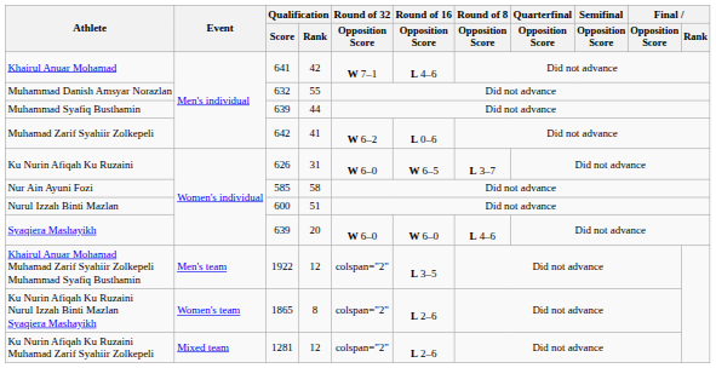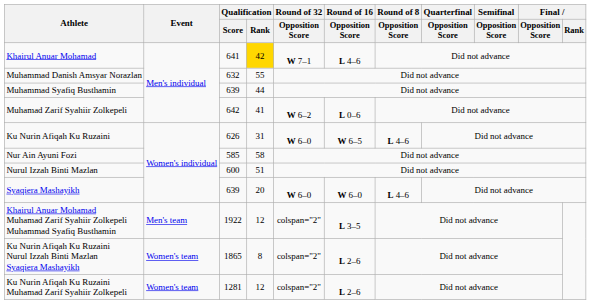 <table class="wikitable" style="font-size:90%;text-align:center">
 <tr>
 <th rowspan="2">Athlete</th>
 <th rowspan="2">Event</th>
 <th colspan="2">Qualification</th>
 <th>Round of 32</th>
 <th>Round of 16</th>
 <th>Round of 8</th>
 <th>Quarterfinal</th>
 <th>Semifinal</th>
 <th colspan="2">Final / </th>
 </tr>
 <tr style="font-size:95%">
 <th>Score</th>
 <th>Rank</th>
 <th>Opposition<br>Score</th>
 <th>Opposition<br>Score</th>
 <th>Opposition<br>Score</th>
 <th>Opposition<br>Score</th>
 <th>Opposition<br>Score</th>
 <th>Opposition<br>Score</th>
 <th>Rank</th>
 </tr>
 <tr>
 <td align="left"><a href='#'>Khairul Anuar Mohamad</a></td>
 <td align="left" rowspan="4"><a href='#'>Men's individual</a></td>
 <td>641</td>
-<td>42 <strong></strong></td>
+<td style="background: gold;">42 <strong></strong></td>
 <td><br><strong>W</strong> 7–1</td>
 <td><br><strong>L</strong> 4–6</td>
 <td colspan="5">Did not advance</td>
 </tr>
 <tr>
 <td align="left">Muhammad Danish Amsyar Norazlan</td>
 <td>632</td>
 <td>55</td>
 <td colspan="7">Did not advance</td>
 </tr>
 <tr>
 <td align="left">Muhammad Syafiq Busthamin</td>
 <td>639</td>
 <td>44</td>
 <td colspan="7">Did not advance</td>
 </tr>
 <tr>
 <td align="left">Muhamad Zarif Syahiir Zolkepeli</td>
 <td>642</td>
 <td>41 <strong></strong></td>
 <td><br><strong>W</strong> 6–2</td>
 <td><br><strong>L</strong> 0–6</td>
 <td colspan="5">Did not advance</td>
 </tr>
 <tr>
 <td align="left">Ku Nurin Afiqah Ku Ruzaini</td>
 <td align="left" rowspan="4"><a href='#'>Women's individual</a></td>
 <td>626</td>
 <td>31 <strong></strong></td>
 <td><br><strong>W</strong> 6–0</td>
 <td><br><strong>W</strong> 6–5</td>
-<td><br><strong>L</strong> 3–7</td>
+<td><br><strong>L</strong> 4–6</td>
 <td colspan="4">Did not advance</td>
 </tr>
 <tr>
 <td align="left">Nur Ain Ayuni Fozi</td>
 <td>585</td>
 <td>58</td>
 <td colspan="7">Did not advance</td>
 </tr>
 <tr>
 <td align="left">Nurul Izzah Binti Mazlan</td>
 <td>600</td>
 <td>51</td>
 <td colspan="7">Did not advance</td>
 </tr>
 <tr>
 <td align="left"><a href='#'>Syaqiera Mashayikh</a></td>
 <td>639</td>
 <td>20 <strong></strong></td>
 <td><br><strong>W</strong> 6–0</td>
 <td><br><strong>W</strong> 6–0</td>
 <td><br><strong>L</strong> 4–6</td>
 <td colspan="4">Did not advance</td>
 </tr>
 <tr>
 <td align="left"><a href='#'>Khairul Anuar Mohamad</a><br>Muhamad Zarif Syahiir Zolkepeli<br>Muhammad Syafiq Busthamin</td>
 <td align="left"><a href='#'>Men's team</a></td>
 <td>1922</td>
 <td>12 <strong></strong></td>
 <td>colspan="2" </td>
 <td><br><strong>L</strong> 3–5</td>
 <td colspan="4">Did not advance</td>
 </tr>
 <tr>
 <td align="left">Ku Nurin Afiqah Ku Ruzaini<br>Nurul Izzah Binti Mazlan<br><a href='#'>Syaqiera Mashayikh</a></td>
 <td align="left"><a href='#'>Women's team</a></td>
 <td>1865</td>
 <td>8 <strong></strong></td>
 <td>colspan="2" </td>
 <td><br><strong>L</strong> 2–6</td>
 <td colspan="4">Did not advance</td>
 </tr>
 <tr>
 <td align="left">Ku Nurin Afiqah Ku Ruzaini<br>Muhamad Zarif Syahiir Zolkepeli</td>
-<td align="left"><a href='#'>Mixed team</a></td>
+<td align="left"><a href='#'>Women's team</a></td>
 <td>1281</td>
 <td>12 <strong></strong></td>
 <td>colspan="2" </td>
 <td><br><strong>L</strong> 2–6</td>
 <td colspan="4">Did not advance</td>
 </tr>
 </table>
